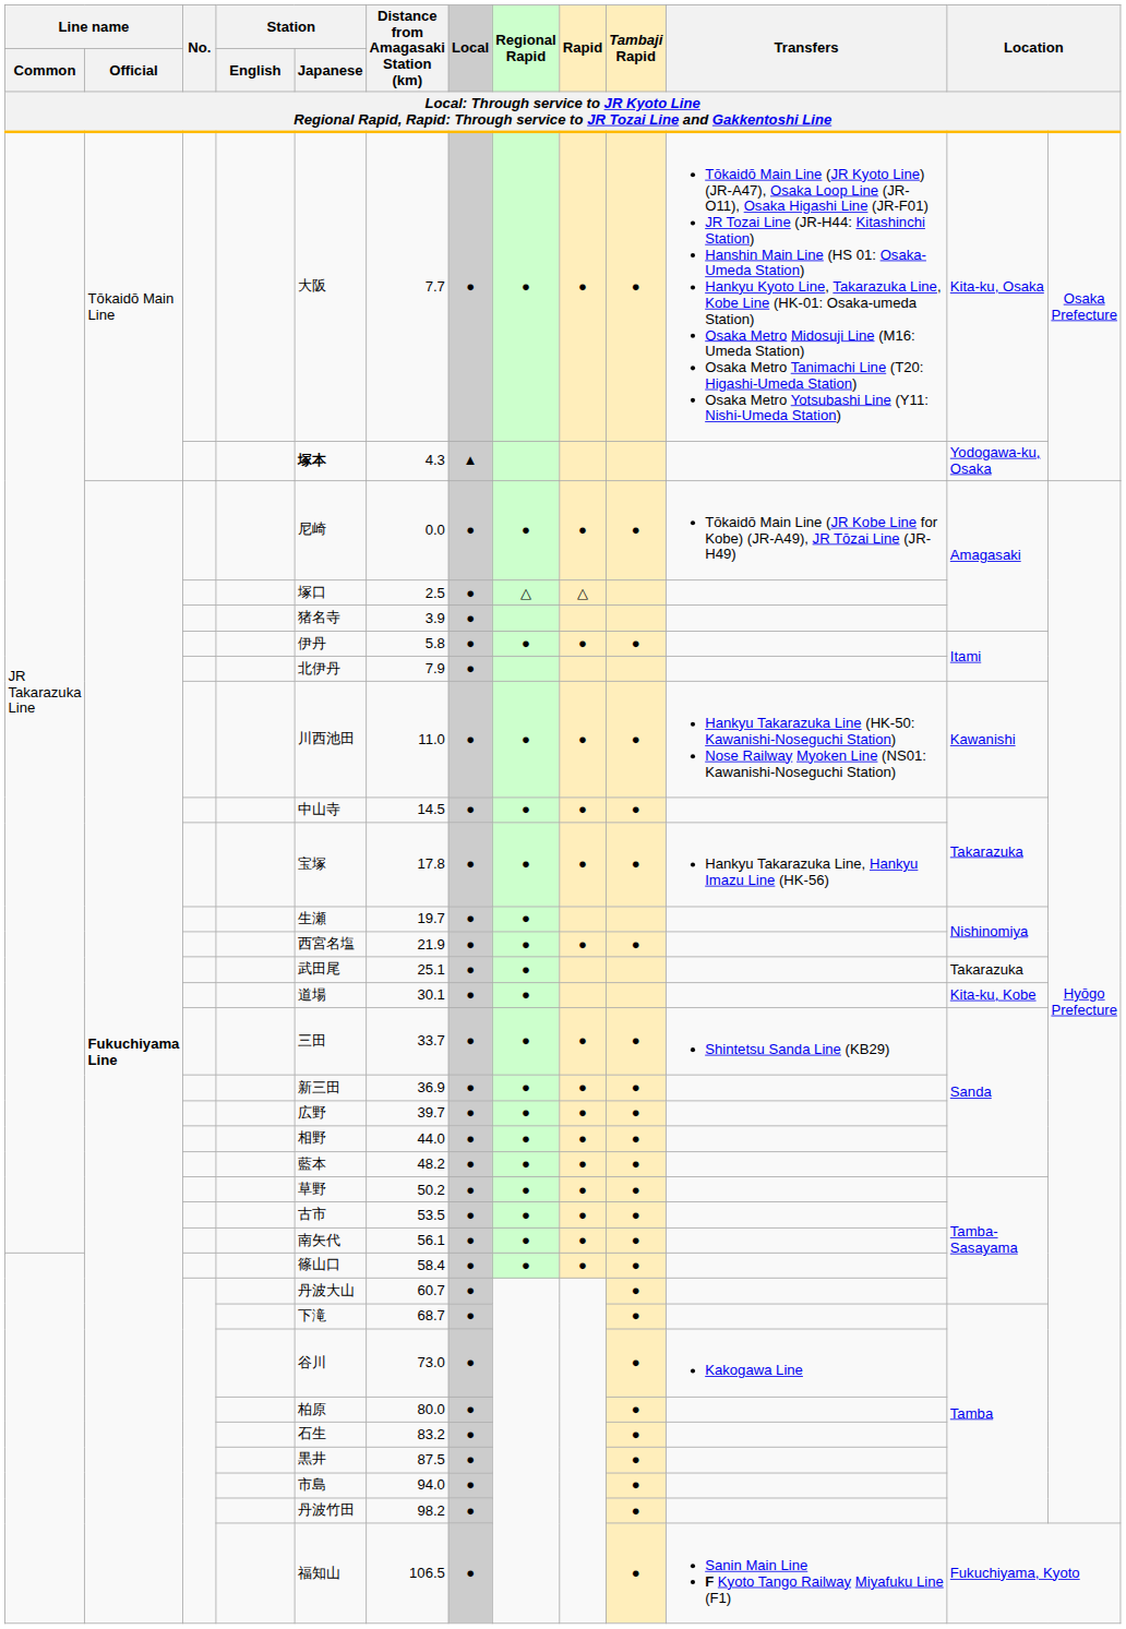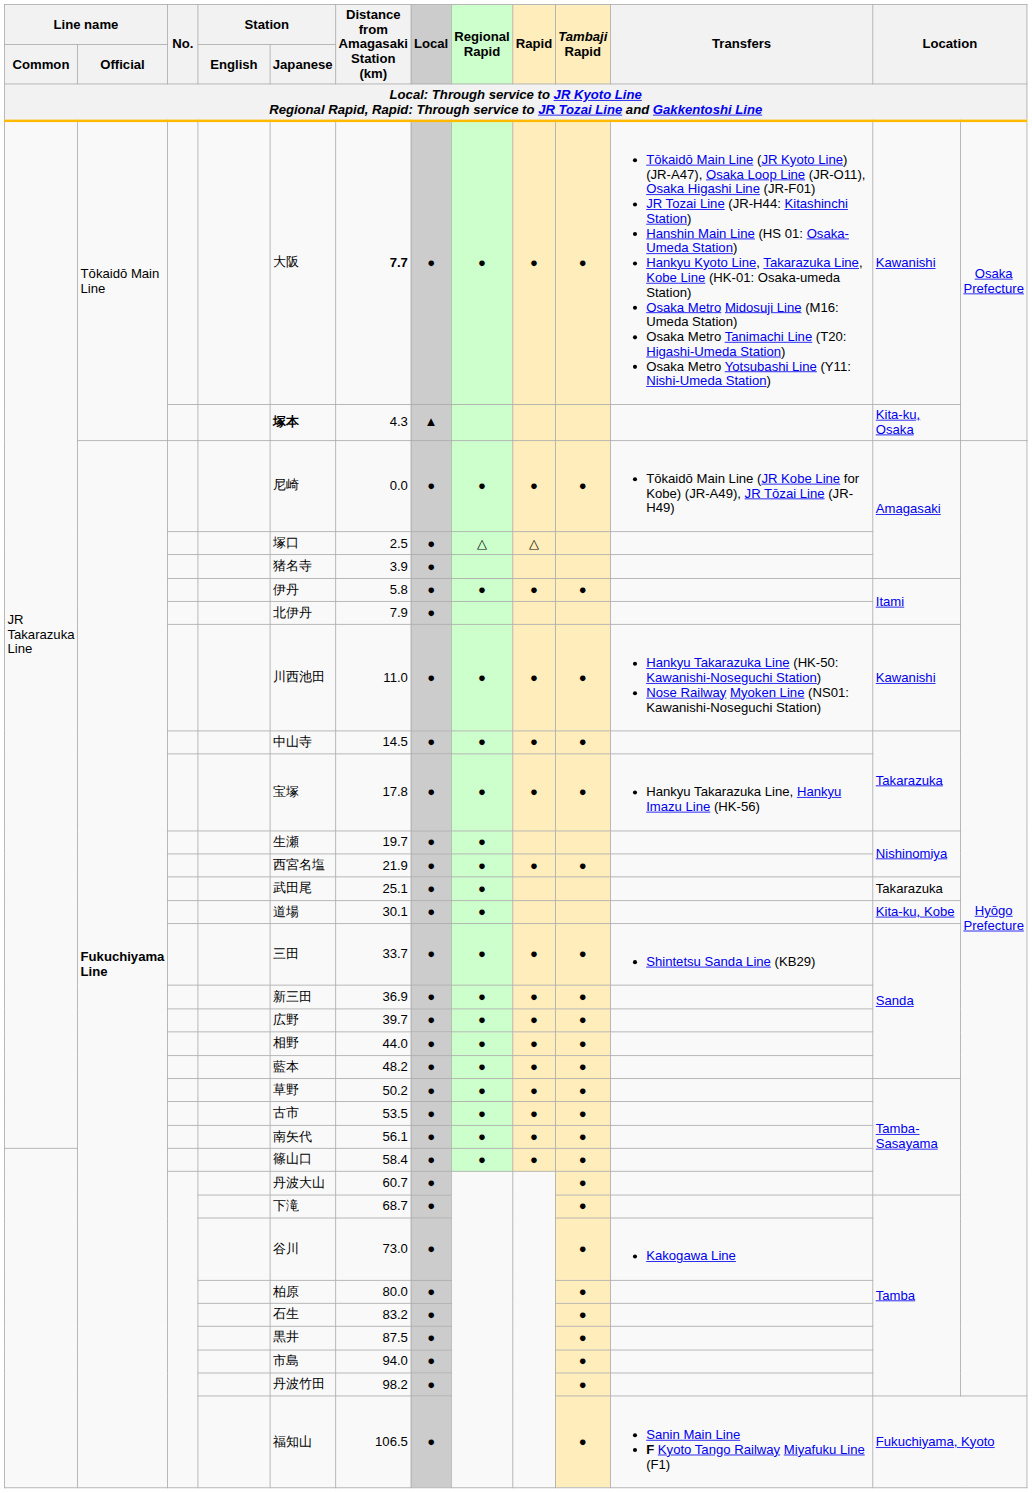 <table class="wikitable sticky-header">
 <tr>
 <th colspan="2">Line name</th>
 <th rowspan="2">No.</th>
 <th colspan="2">Station</th>
 <th rowspan="2">Distance from<br>Amagasaki Station<br>(km)</th>
 <th style="width:1em; background:#ccc;" rowspan="2">Local</th>
 <th style="width:1em; background:#cfc;" rowspan="2">Regional Rapid</th>
 <th style="width:1em; background:#feb;" rowspan="2">Rapid</th>
 <th style="width:1em; background:#feb;" rowspan="2"><em>Tambaji</em> Rapid</th>
 <th rowspan="2">Transfers</th>
 <th colspan="2" rowspan="2">Location</th>
 </tr>
 <tr>
 <th>Common</th>
 <th>Official</th>
 <th>English</th>
 <th>Japanese</th>
 </tr>
 <tr>
 <th colspan="13" style="border-bottom:3px solid #ffba00;"><em>Local: Through service to <a href='#'>JR Kyoto Line</a></em><br><em>Regional Rapid, Rapid: Through service to <a href='#'>JR Tozai Line</a> and <a href='#'>Gakkentoshi Line</a></em></th>
 </tr>
 <tr>
 <td rowspan="24">JR Takarazuka Line</td>
 <td rowspan="3">Tōkaidō Main Line</td>
 <td width="30px"></td>
 <td width="80px "></td>
 <td>大阪</td>
-<td width="40px" align="right">7.7</td>
+<td width="40px" align="right"><strong>7.7</strong></td>
 <td style="width:1em; background:#ccc;" width="30px" align="center">●</td>
 <td style="width:1em; background:#cfc;" width="30px" align="center">●</td>
 <td style="width:1em; background:#feb;" width="30px" align="center">●</td>
 <td style="width:1em; background:#feb;" width="30px" align="center">●</td>
 <td><br><ul><li> <a href='#'>Tōkaidō Main Line</a> (<a href='#'>JR Kyoto Line</a>) (JR-A47),  <a href='#'>Osaka Loop Line</a> (JR-O11),  <a href='#'>Osaka Higashi Line</a> (JR-F01)</li><li> <a href='#'>JR Tozai Line</a> (JR-H44: <a href='#'>Kitashinchi Station</a>)</li><li> <a href='#'>Hanshin Main Line</a> (HS 01: <a href='#'>Osaka-Umeda Station</a>)</li><li> <a href='#'>Hankyu Kyoto Line</a>,  <a href='#'>Takarazuka Line</a>,  <a href='#'>Kobe Line</a> (HK-01: Osaka-umeda Station)</li><li> <a href='#'>Osaka Metro</a> <a href='#'>Midosuji Line</a> (M16: Umeda Station)</li><li> Osaka Metro <a href='#'>Tanimachi Line</a> (T20: <a href='#'>Higashi-Umeda Station</a>)</li><li> Osaka Metro <a href='#'>Yotsubashi Line</a> (Y11: <a href='#'>Nishi-Umeda Station</a>)</li></ul></td>
-<td><a href='#'>Kita-ku, Osaka</a></td>
+<td><a href='#'>Kawanishi</a></td>
 <td rowspan="2" width="20px" align="center"><a href='#'>Osaka Prefecture</a></td>
 </tr>
 <tr>
 <td width="30px" align="center"></td>
 <td width="80px "></td>
 <td><strong>塚本</strong></td>
 <td width="40px" align="right">4.3</td>
 <td style="background:#ccc;" align="center">▲</td>
 <td style="background:#cfc;" align="center"></td>
 <td style="background:#feb;" align="center"></td>
 <td style="background:#feb;" align="center"></td>
 <td></td>
-<td><a href='#'>Yodogawa-ku, Osaka</a></td>
+<td><a href='#'>Kita-ku, Osaka</a></td>
 </tr>
 <tr>
 <td rowspan="2" width="30px" align="center"></td>
 <td rowspan="2" width="80px "></td>
 <td rowspan="2">尼崎</td>
 <td rowspan="2" width="40px" align="right">0.0</td>
 <td rowspan="2" style="background:#ccc;" align="center">●</td>
 <td rowspan="2" style="background:#cfc;" align="center">●</td>
 <td rowspan="2" style="background:#feb;" align="center">●</td>
 <td rowspan="2" style="background:#feb;" align="center">●</td>
 <td rowspan="2"><br><ul><li> Tōkaidō Main Line (<a href='#'>JR Kobe Line</a> for Kobe) (JR-A49),  <a href='#'>JR Tōzai Line</a> (JR-H49)</li></ul></td>
 <td rowspan="4"><a href='#'>Amagasaki</a></td>
 <td rowspan="31" width="20px" align="center"><a href='#'>Hyōgo Prefecture</a></td>
 </tr>
 <tr>
 <td rowspan="31" width="80px "><strong>Fukuchiyama Line</strong></td>
 </tr>
 <tr>
 <td width="30px" align="center"></td>
 <td width="80px "></td>
 <td>塚口</td>
 <td width="40px" align="right">2.5</td>
 <td style="background:#ccc;" align="center">●</td>
 <td style="background:#cfc;" align="center">△</td>
 <td style="background:#feb;" align="center">△</td>
 <td style="background:#feb;" align="center"></td>
 <td></td>
 </tr>
 <tr>
 <td width="30px" align="center"></td>
 <td width="80px "></td>
 <td>猪名寺</td>
 <td width="40px" align="right">3.9</td>
 <td style="background:#ccc;" align="center">●</td>
 <td style="background:#cfc;" align="center"></td>
 <td style="background:#feb;" align="center"></td>
 <td style="background:#feb;" align="center"></td>
 <td></td>
 </tr>
 <tr>
 <td width="30px" align="center"></td>
 <td width="80px "></td>
 <td>伊丹</td>
 <td width="40px" align="right">5.8</td>
 <td style="background:#ccc;" align="center">●</td>
 <td style="background:#cfc;" align="center">●</td>
 <td style="background:#feb;" align="center">●</td>
 <td style="background:#feb;" align="center">●</td>
 <td></td>
 <td rowspan="2"><a href='#'>Itami</a></td>
 </tr>
 <tr>
 <td width="30px" align="center"></td>
 <td width="80px "></td>
 <td>北伊丹</td>
 <td width="40px" align="right">7.9</td>
 <td style="background:#ccc;" align="center">●</td>
 <td style="background:#cfc;" align="center"></td>
 <td style="background:#feb;" align="center"></td>
 <td style="background:#feb;" align="center"></td>
 <td></td>
 </tr>
 <tr>
 <td width="30px" align="center"></td>
 <td width="80px"></td>
 <td>川西池田</td>
 <td width="40px" align="right">11.0</td>
 <td style="background:#ccc;" align="center">●</td>
 <td style="background:#cfc;" align="center">●</td>
 <td style="background:#feb;" align="center">●</td>
 <td style="background:#feb;" align="center">●</td>
 <td><br><ul><li> <a href='#'>Hankyu Takarazuka Line</a> (HK-50: <a href='#'>Kawanishi-Noseguchi Station</a>)</li><li> <a href='#'>Nose Railway</a> <a href='#'>Myoken Line</a> (NS01: Kawanishi-Noseguchi Station)</li></ul></td>
 <td><a href='#'>Kawanishi</a></td>
 </tr>
 <tr>
 <td width="30px" align="center"></td>
 <td width="80px "></td>
 <td>中山寺</td>
 <td width="40px" align="right">14.5</td>
 <td style="background:#ccc;" align="center">●</td>
 <td style="background:#cfc;" align="center">●</td>
 <td style="background:#feb;" align="center">●</td>
 <td style="background:#feb;" align="center">●</td>
 <td></td>
 <td rowspan="2"><a href='#'>Takarazuka</a></td>
 </tr>
 <tr>
 <td width="30px" align="center"></td>
 <td width="80px "></td>
 <td>宝塚</td>
 <td width="40px" align="right">17.8</td>
 <td style="background:#ccc;" align="center">●</td>
 <td style="background:#cfc;" align="center">●</td>
 <td style="background:#feb;" align="center">●</td>
 <td style="background:#feb;" align="center">●</td>
 <td><br><ul><li> Hankyu Takarazuka Line,  <a href='#'>Hankyu Imazu Line</a> (HK-56)</li></ul></td>
 </tr>
 <tr>
 <td width="30px" align="center"></td>
 <td width="80px "></td>
 <td>生瀬</td>
 <td width="40px" align="right">19.7</td>
 <td style="background:#ccc;" align="center">●</td>
 <td style="background:#cfc;" align="center">●</td>
 <td style="background:#feb;" align="center"></td>
 <td style="background:#feb;" align="center"></td>
 <td></td>
 <td rowspan="2"><a href='#'>Nishinomiya</a></td>
 </tr>
 <tr>
 <td width="30px" align="center"></td>
 <td width="80px "></td>
 <td>西宮名塩</td>
 <td width="40px" align="right">21.9</td>
 <td style="background:#ccc;" align="center">●</td>
 <td style="background:#cfc;" align="center">●</td>
 <td style="background:#feb;" align="center">●</td>
 <td style="background:#feb;" align="center">●</td>
 <td></td>
 </tr>
 <tr>
 <td width="30px" align="center"></td>
 <td width="80px "></td>
 <td>武田尾</td>
 <td width="40px" align="right">25.1</td>
 <td style="background:#ccc;" align="center">●</td>
 <td style="background:#cfc;" align="center">●</td>
 <td style="background:#feb;" align="center"></td>
 <td style="background:#feb;" align="center"></td>
 <td></td>
 <td>Takarazuka</td>
 </tr>
 <tr>
 <td width="30px" align="center"></td>
 <td width="80px "></td>
 <td>道場</td>
 <td width="40px" align="right">30.1</td>
 <td style="background:#ccc;" align="center">●</td>
 <td style="background:#cfc;" align="center">●</td>
 <td style="background:#feb;" align="center"></td>
 <td style="background:#feb;" align="center"></td>
 <td></td>
 <td><a href='#'>Kita-ku, Kobe</a></td>
 </tr>
 <tr>
 <td width="30px" align="center"></td>
 <td width="80px "></td>
 <td>三田</td>
 <td width="40px" align="right">33.7</td>
 <td style="background:#ccc;" align="center">●</td>
 <td style="background:#cfc;" align="center">●</td>
 <td style="background:#feb;" align="center">●</td>
 <td style="background:#feb;" align="center">●</td>
 <td><br><ul><li> <a href='#'>Shintetsu Sanda Line</a> (KB29)</li></ul></td>
 <td rowspan="5"><a href='#'>Sanda</a></td>
 </tr>
 <tr>
 <td width="30px" align="center"></td>
 <td width="80px "></td>
 <td>新三田</td>
 <td width="40px" align="right">36.9</td>
 <td style="background:#ccc;" align="center">●</td>
 <td style="background:#cfc;" align="center">●</td>
 <td style="background:#feb;" align="center">●</td>
 <td style="background:#feb;" align="center">●</td>
 <td></td>
 </tr>
 <tr>
 <td width="30px" align="center"></td>
 <td width="80px "></td>
 <td>広野</td>
 <td width="40px" align="right">39.7</td>
 <td style="background:#ccc;" align="center">●</td>
 <td style="background:#cfc;" align="center">●</td>
 <td style="background:#feb;" align="center">●</td>
 <td style="background:#feb;" align="center">●</td>
 <td></td>
 </tr>
 <tr>
 <td width="30px" align="center"></td>
 <td width="80px "></td>
 <td>相野</td>
 <td width="40px" align="right">44.0</td>
 <td style="background:#ccc;" align="center">●</td>
 <td style="background:#cfc;" align="center">●</td>
 <td style="background:#feb;" align="center">●</td>
 <td style="background:#feb;" align="center">●</td>
 <td></td>
 </tr>
 <tr>
 <td width="30px" align="center"></td>
 <td width="80px "></td>
 <td>藍本</td>
 <td width="40px" align="right">48.2</td>
 <td style="background:#ccc;" align="center">●</td>
 <td style="background:#cfc;" align="center">●</td>
 <td style="background:#feb;" align="center">●</td>
 <td style="background:#feb;" align="center">●</td>
 <td></td>
 </tr>
 <tr>
 <td width="30px" align="center"></td>
 <td width="80px "></td>
 <td>草野</td>
 <td width="40px" align="right">50.2</td>
 <td style="background:#ccc;" align="center">●</td>
 <td style="background:#cfc;" align="center">●</td>
 <td style="background:#feb;" align="center">●</td>
 <td style="background:#feb;" align="center">●</td>
 <td></td>
 <td rowspan="6"><a href='#'>Tamba-Sasayama</a></td>
 </tr>
 <tr>
 <td width="30px" align="center"></td>
 <td width="80px "></td>
 <td>古市</td>
 <td width="40px" align="right">53.5</td>
 <td style="background:#ccc;" align="center">●</td>
 <td style="background:#cfc;" align="center">●</td>
 <td style="background:#feb;" align="center">●</td>
 <td style="background:#feb;" align="center">●</td>
 <td></td>
 </tr>
 <tr>
 <td width="30px" align="center"></td>
 <td width="80px "></td>
 <td>南矢代</td>
 <td width="40px" align="right">56.1</td>
 <td style="background:#ccc;" align="center">●</td>
 <td style="background:#cfc;" align="center">●</td>
 <td style="background:#feb;" align="center">●</td>
 <td style="background:#feb;" align="center">●</td>
 <td></td>
 </tr>
 <tr>
 <td rowspan="2" width="30px" align="center"></td>
 <td rowspan="2" width="80px "></td>
 <td rowspan="2">篠山口</td>
 <td rowspan="2" width="40px" align="right">58.4</td>
 <td rowspan="2" style="background:#ccc;" align="center">●</td>
 <td rowspan="2" style="background:#cfc;" align="center">●</td>
 <td rowspan="2" style="background:#feb;" align="center">●</td>
 <td rowspan="2" style="background:#feb;" align="center">●</td>
 <td rowspan="2"></td>
 </tr>
 <tr>
 <td rowspan="10" width="80px "></td>
 </tr>
 <tr>
 <td rowspan="9"></td>
 <td width="80px "></td>
 <td>丹波大山</td>
 <td width="40px" align="right">60.7</td>
 <td style="background:#ccc;" align="center">●</td>
 <td rowspan="9" width="30px" align="center"></td>
 <td rowspan="9" width="30px" align="center"></td>
 <td style="background:#feb;" align="center">●</td>
 <td></td>
 </tr>
 <tr>
 <td width="80px "></td>
 <td>下滝</td>
 <td width="40px" align="right">68.7</td>
 <td style="background:#ccc;" align="center">●</td>
 <td style="background:#feb;" align="center">●</td>
 <td></td>
 <td rowspan="7"><a href='#'>Tamba</a></td>
 </tr>
 <tr>
 <td width="80px "></td>
 <td>谷川</td>
 <td width="40px" align="right">73.0</td>
 <td style="background:#ccc;" align="center">●</td>
 <td style="background:#feb;" align="center">●</td>
 <td><br><ul><li> <a href='#'>Kakogawa Line</a></li></ul></td>
 </tr>
 <tr>
 <td width="80px "></td>
 <td>柏原</td>
 <td width="40px" align="right">80.0</td>
 <td style="background:#ccc;" align="center">●</td>
 <td style="background:#feb;" align="center">●</td>
 <td></td>
 </tr>
 <tr>
 <td width="80px "></td>
 <td>石生</td>
 <td width="40px" align="right">83.2</td>
 <td style="background:#ccc;" align="center">●</td>
 <td style="background:#feb;" align="center">●</td>
 <td></td>
 </tr>
 <tr>
 <td width="80px "></td>
 <td>黒井</td>
 <td width="40px" align="right">87.5</td>
 <td style="background:#ccc;" align="center">●</td>
 <td style="background:#feb;" align="center">●</td>
 <td></td>
 </tr>
 <tr>
 <td width="80px "></td>
 <td>市島</td>
 <td width="40px" align="right">94.0</td>
 <td style="background:#ccc;" align="center">●</td>
 <td style="background:#feb;" align="center">●</td>
 <td></td>
 </tr>
 <tr>
 <td width="80px "></td>
 <td>丹波竹田</td>
 <td width="40px" align="right">98.2</td>
 <td style="background:#ccc;" align="center">●</td>
 <td style="background:#feb;" align="center">●</td>
 <td></td>
 </tr>
 <tr>
 <td width="80px "></td>
 <td>福知山</td>
 <td width="40px" align="right">106.5</td>
 <td style="background:#ccc;" align="center">●</td>
 <td style="background:#feb;" align="center">●</td>
 <td><br><ul><li> <a href='#'>Sanin Main Line</a></li><li><strong>F</strong> <a href='#'>Kyoto Tango Railway</a> <a href='#'>Miyafuku Line</a> (F1)</li></ul></td>
 <td colspan="2"><a href='#'>Fukuchiyama, Kyoto</a></td>
 </tr>
 </table>
